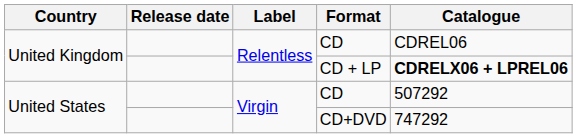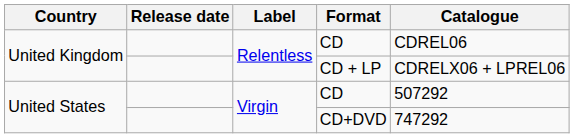 <table class="wikitable sortable">
 <tr>
 <th>Country</th>
 <th>Release date</th>
 <th>Label</th>
 <th>Format</th>
 <th>Catalogue</th>
 </tr>
 <tr>
 <td rowspan=2>United Kingdom</td>
 <td></td>
 <td rowspan=2><a href='#'>Relentless</a></td>
 <td>CD</td>
 <td>CDREL06</td>
 </tr>
 <tr>
 <td></td>
 <td>CD + LP</td>
-<td><strong>CDRELX06 + LPREL06</strong></td>
+<td>CDRELX06 + LPREL06</td>
 </tr>
 <tr>
 <td rowspan=2>United States</td>
 <td></td>
 <td rowspan=2><a href='#'>Virgin</a></td>
 <td>CD</td>
 <td>507292</td>
 </tr>
 <tr>
 <td></td>
 <td>CD+DVD</td>
 <td>747292</td>
 </tr>
 </table>
